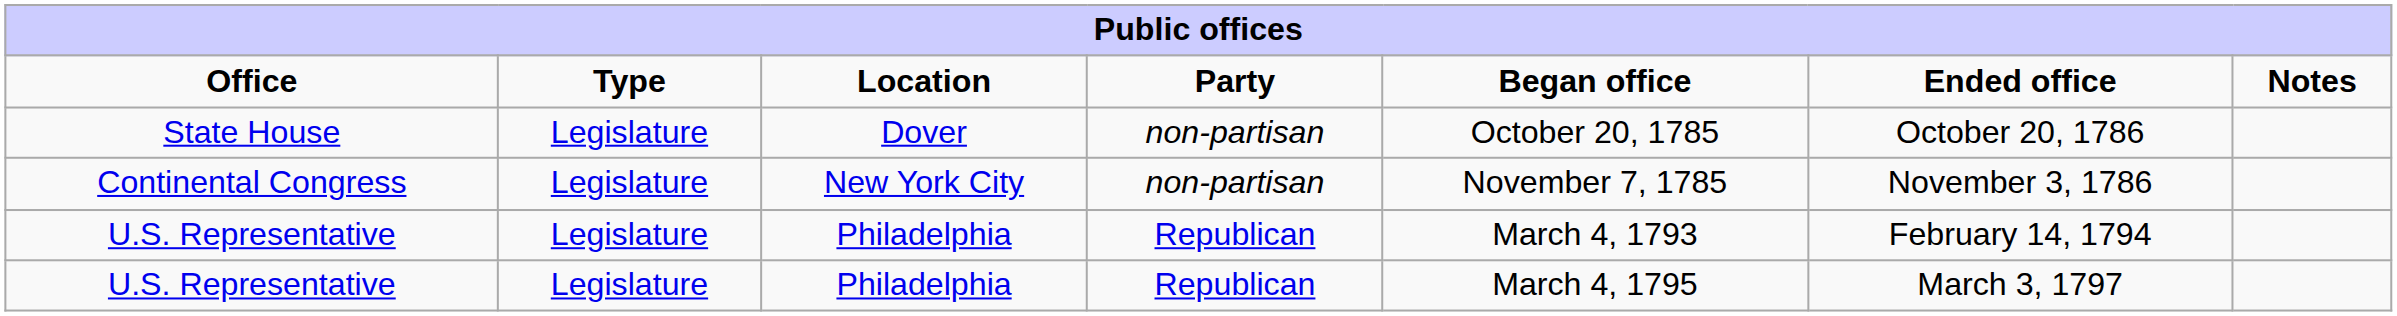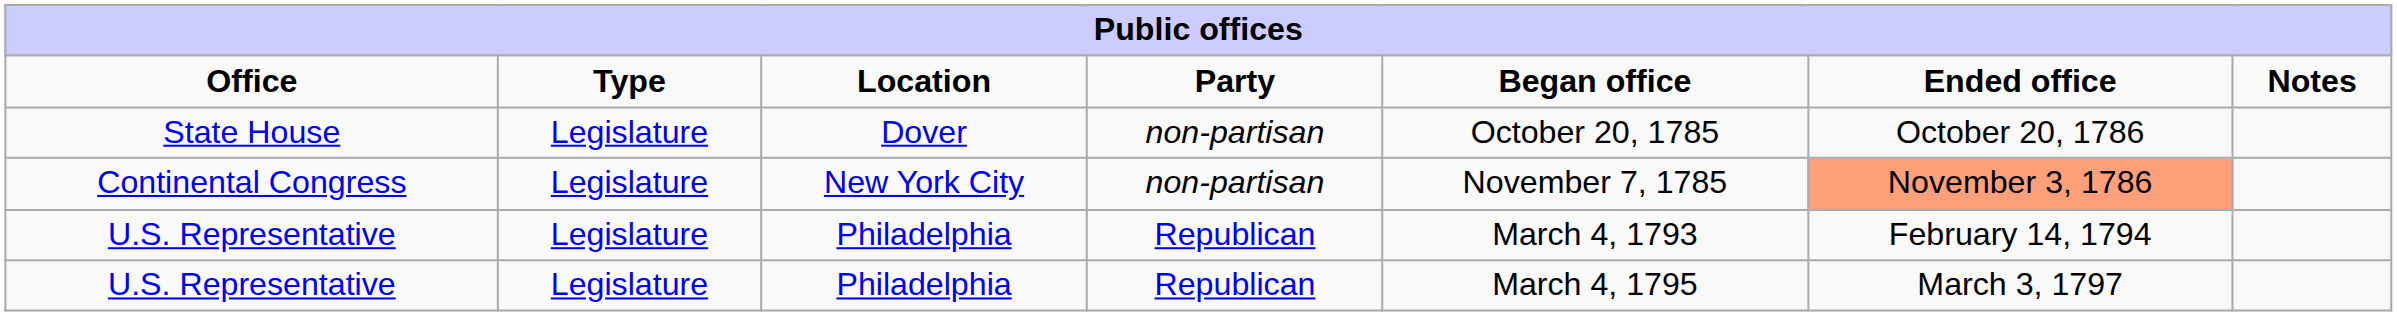 <table class="wikitable" style="width:94%; text-align:center; margin:auto;">
 <tr style="background:#ccc;">
 <th colspan="8" style="background:#ccf;">Public offices</th>
 </tr>
 <tr>
 <td><strong>Office</strong></td>
 <td><strong>Type</strong></td>
 <td><strong>Location</strong></td>
 <td><strong>Party</strong></td>
 <td><strong>Began office</strong></td>
 <td><strong>Ended office</strong></td>
 <td><strong>Notes</strong></td>
 </tr>
 <tr>
 <td><a href='#'>State House</a></td>
 <td><a href='#'>Legislature</a></td>
 <td><a href='#'>Dover</a></td>
 <td><em>non-partisan</em></td>
 <td>October 20, 1785</td>
 <td>October 20, 1786</td>
 <td></td>
 </tr>
 <tr>
 <td><a href='#'>Continental Congress</a></td>
 <td><a href='#'>Legislature</a></td>
 <td><a href='#'>New York City</a></td>
 <td><em>non-partisan</em></td>
 <td>November 7, 1785</td>
-<td>November 3, 1786</td>
+<td style="background: lightsalmon;">November 3, 1786</td>
 <td></td>
 </tr>
 <tr>
 <td><a href='#'>U.S. Representative</a></td>
 <td><a href='#'>Legislature</a></td>
 <td><a href='#'>Philadelphia</a></td>
 <td><a href='#'>Republican</a></td>
 <td>March 4, 1793</td>
 <td>February 14, 1794</td>
 <td></td>
 </tr>
 <tr>
 <td><a href='#'>U.S. Representative</a></td>
 <td><a href='#'>Legislature</a></td>
 <td><a href='#'>Philadelphia</a></td>
 <td><a href='#'>Republican</a></td>
 <td>March 4, 1795</td>
 <td>March 3, 1797</td>
 <td></td>
 </tr>
 </table>
